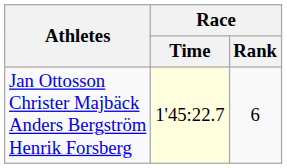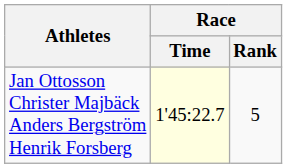 <table class="wikitable" border="1" style="font-size:90%">
 <tr>
 <th rowspan=2>Athletes</th>
 <th colspan=2>Race</th>
 </tr>
 <tr>
 <th>Time</th>
 <th>Rank</th>
 </tr>
 <tr>
 <td><a href='#'>Jan Ottosson</a><br><a href='#'>Christer Majbäck</a><br><a href='#'>Anders Bergström</a><br><a href='#'>Henrik Forsberg</a></td>
 <td align=center style="background: lightyellow;">1'45:22.7</td>
-<td align=center>6</td>
+<td align=center>5</td>
 </tr>
 </table>
